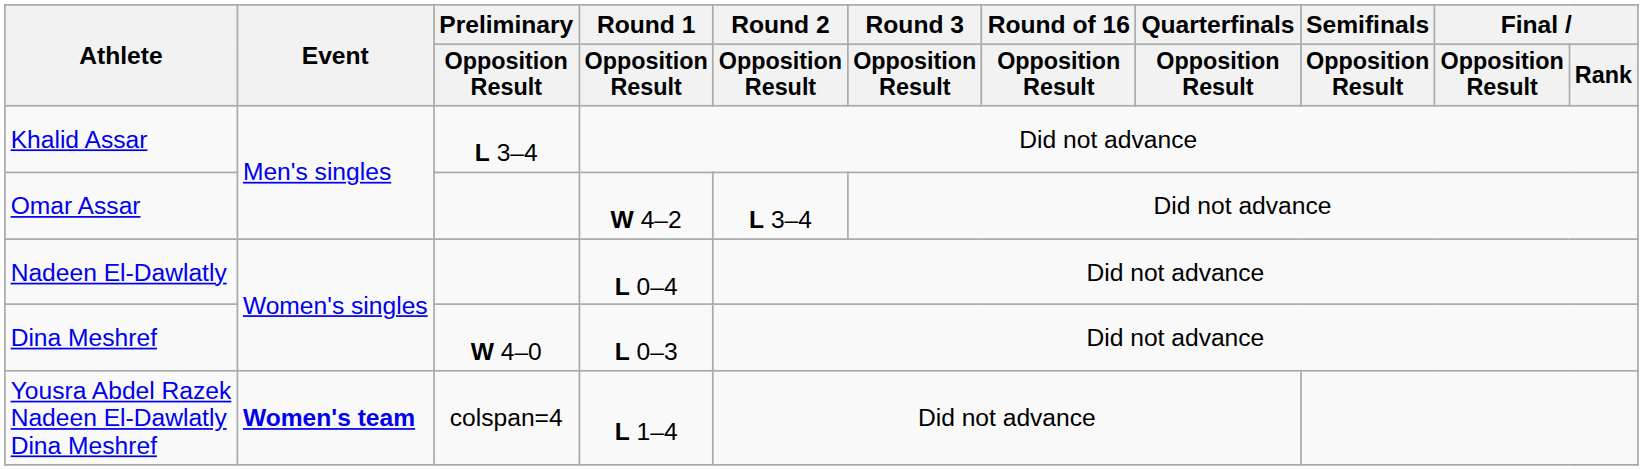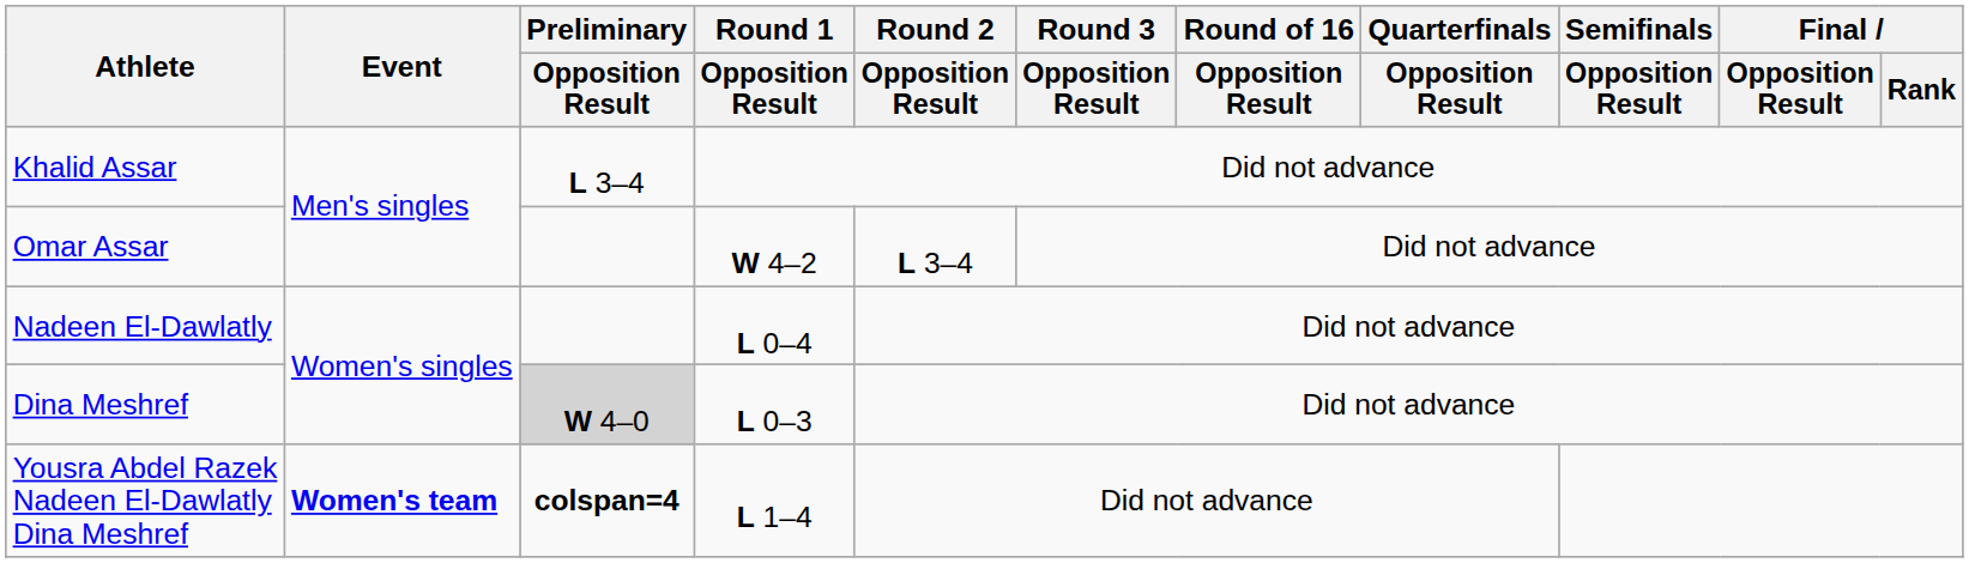 <table class="wikitable" style="font-size:90%;">
 <tr>
 <th rowspan=2>Athlete</th>
 <th rowspan=2>Event</th>
 <th>Preliminary</th>
 <th>Round 1</th>
 <th>Round 2</th>
 <th>Round 3</th>
 <th>Round of 16</th>
 <th>Quarterfinals</th>
 <th>Semifinals</th>
 <th colspan=2>Final / </th>
 </tr>
 <tr style="font-size:95%">
 <th>Opposition<br>Result</th>
 <th>Opposition<br>Result</th>
 <th>Opposition<br>Result</th>
 <th>Opposition<br>Result</th>
 <th>Opposition<br>Result</th>
 <th>Opposition<br>Result</th>
 <th>Opposition<br>Result</th>
 <th>Opposition<br>Result</th>
 <th>Rank</th>
 </tr>
 <tr align=center>
 <td align=left><a href='#'>Khalid Assar</a></td>
 <td align=left rowspan=2><a href='#'>Men's singles</a></td>
 <td><br><strong>L</strong> 3–4</td>
 <td colspan=8>Did not advance</td>
 </tr>
 <tr align=center>
 <td align=left><a href='#'>Omar Assar</a></td>
 <td></td>
 <td><br><strong>W</strong> 4–2</td>
 <td><br><strong>L</strong> 3–4</td>
 <td colspan=6>Did not advance</td>
 </tr>
 <tr align=center>
 <td align=left><a href='#'>Nadeen El-Dawlatly</a></td>
 <td align=left rowspan=2><a href='#'>Women's singles</a></td>
 <td></td>
 <td><br><strong>L</strong> 0–4</td>
 <td colspan=7>Did not advance</td>
 </tr>
 <tr align=center>
 <td align=left><a href='#'>Dina Meshref</a></td>
-<td><br><strong>W</strong> 4–0</td>
+<td style="background: lightgrey;"><br><strong>W</strong> 4–0</td>
 <td><br><strong>L</strong> 0–3</td>
 <td colspan=7>Did not advance</td>
 </tr>
 <tr align=center>
 <td align=left><a href='#'>Yousra Abdel Razek</a><br><a href='#'>Nadeen El-Dawlatly</a><br><a href='#'>Dina Meshref</a></td>
 <td align=left><strong><a href='#'>Women's team</a></strong></td>
-<td>colspan=4 </td>
+<td><strong>colspan=4 </strong></td>
 <td><br><strong>L</strong> 1–4</td>
 <td colspan=4>Did not advance</td>
 </tr>
 </table>
